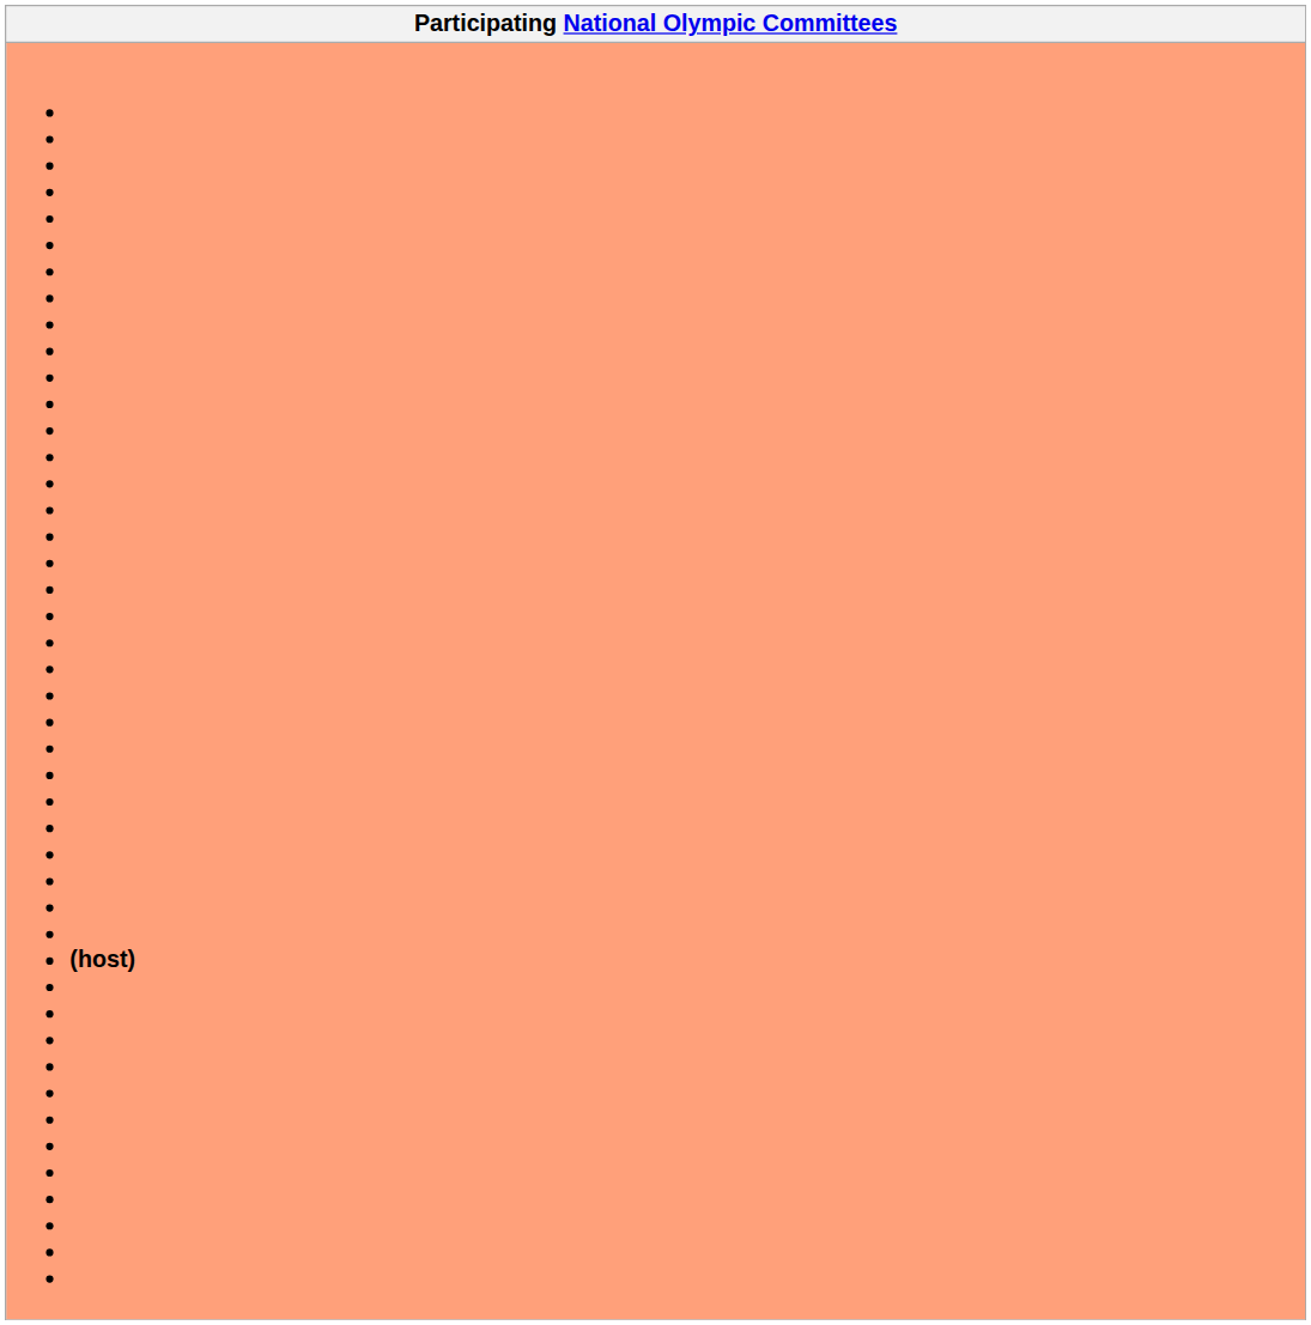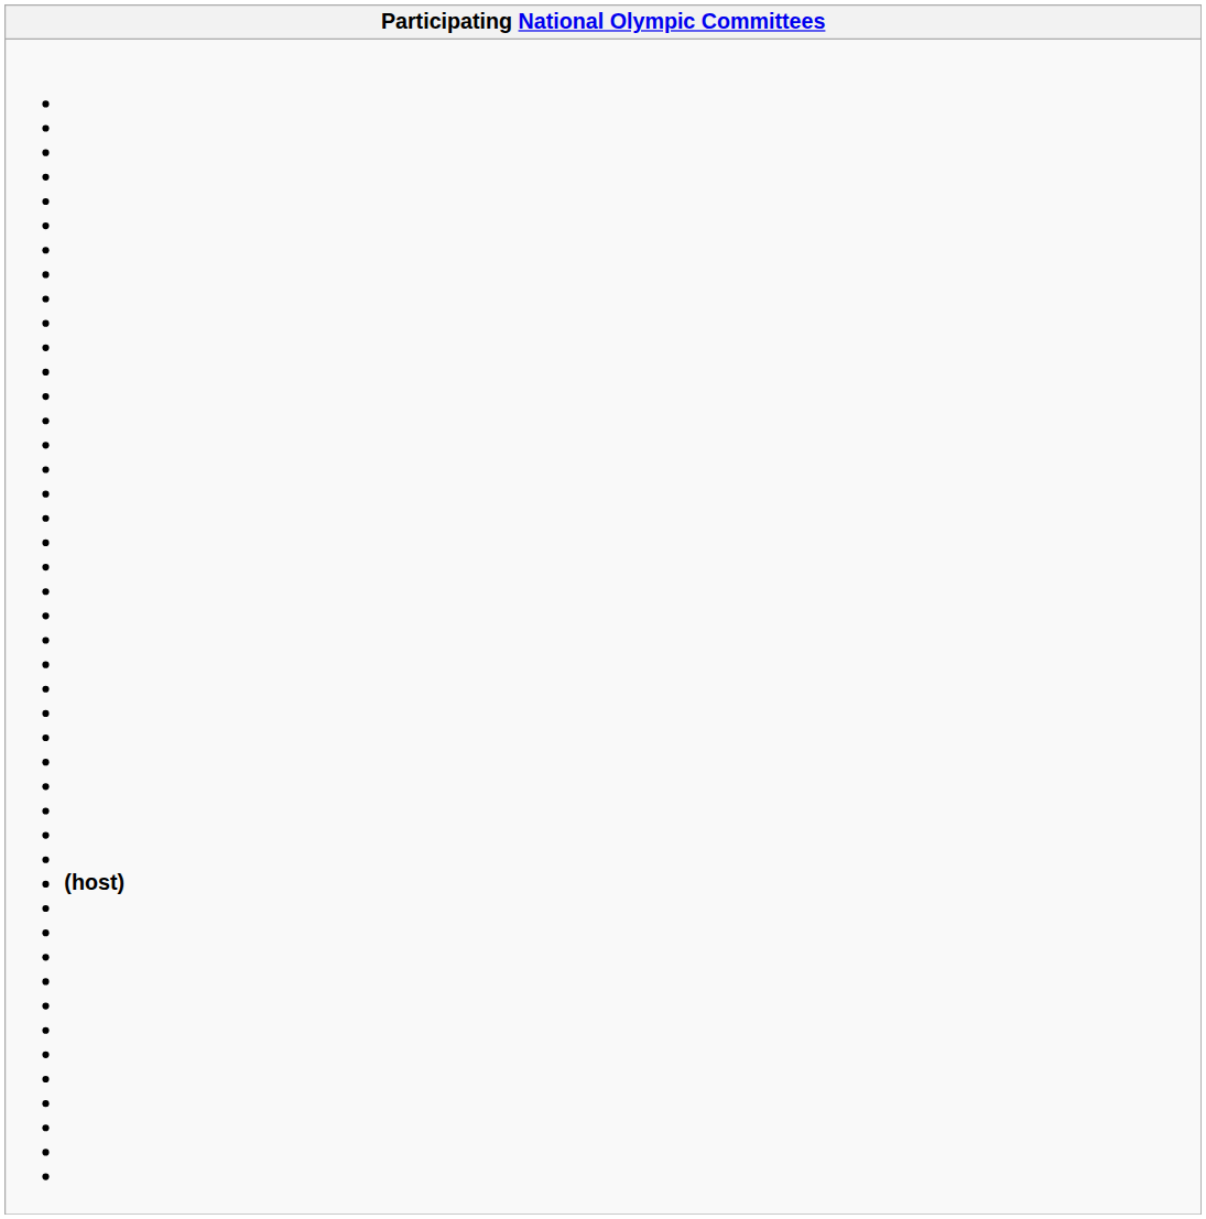 <table class="wikitable collapsible" style="width:100%;">
 <tr>
 <th>Participating <a href='#'>National Olympic Committees</a></th>
 </tr>
 <tr>
-<td style="background: lightsalmon;"><br><ul><li></li><li></li><li></li><li></li><li></li><li></li><li></li><li></li><li></li><li></li><li></li><li></li><li></li><li></li><li></li><li></li><li></li><li></li><li></li><li></li><li></li><li></li><li></li><li></li><li></li><li></li><li></li><li></li><li></li><li></li><li></li><li></li><li> <strong>(host)</strong></li><li></li><li></li><li></li><li></li><li></li><li></li><li></li><li></li><li></li><li></li><li></li><li></li></ul></td>
+<td><br><ul><li></li><li></li><li></li><li></li><li></li><li></li><li></li><li></li><li></li><li></li><li></li><li></li><li></li><li></li><li></li><li></li><li></li><li></li><li></li><li></li><li></li><li></li><li></li><li></li><li></li><li></li><li></li><li></li><li></li><li></li><li></li><li></li><li> <strong>(host)</strong></li><li></li><li></li><li></li><li></li><li></li><li></li><li></li><li></li><li></li><li></li><li></li><li></li></ul></td>
 </tr>
 </table>
